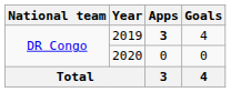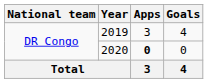 <table class="wikitable" style="text-align:center">
 <tr>
 <th>National team</th>
 <th>Year</th>
 <th>Apps</th>
 <th>Goals</th>
 </tr>
 <tr>
 <td rowspan="2"><a href='#'>DR Congo</a></td>
 <td>2019</td>
-<td><strong>3</strong></td>
+<td>3</td>
 <td>4</td>
 </tr>
 <tr>
 <td>2020</td>
-<td>0</td>
+<td><strong>0</strong></td>
 <td>0</td>
 </tr>
 <tr>
 <th colspan=2>Total</th>
 <th>3</th>
 <th>4</th>
 </tr>
 </table>
